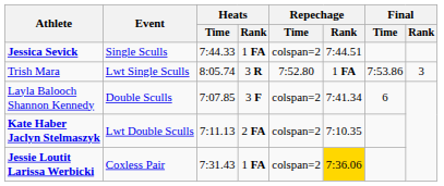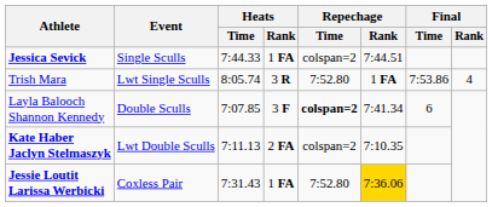 <table class="wikitable" style="font-size:90%">
 <tr>
 <th rowspan=2>Athlete</th>
 <th rowspan=2>Event</th>
 <th colspan="2">Heats</th>
 <th colspan="2">Repechage</th>
 <th colspan="2">Final</th>
 </tr>
 <tr style="font-size:95%">
 <th>Time</th>
 <th>Rank</th>
 <th>Time</th>
 <th>Rank</th>
 <th>Time</th>
 <th>Rank</th>
 </tr>
 <tr align=center>
 <td align=left><strong><a href='#'>Jessica Sevick</a></strong></td>
 <td align=left><a href='#'>Single Sculls</a></td>
 <td>7:44.33</td>
 <td>1 <strong>FA</strong></td>
 <td>colspan=2 </td>
 <td>7:44.51</td>
 <td></td>
 </tr>
 <tr align=center>
 <td align=left><a href='#'>Trish Mara</a></td>
 <td align=left><a href='#'>Lwt Single Sculls</a></td>
 <td>8:05.74</td>
 <td>3 <strong>R</strong></td>
 <td>7:52.80</td>
 <td>1 <strong>FA</strong></td>
 <td>7:53.86</td>
-<td>3</td>
+<td>4</td>
 </tr>
 <tr align=center>
 <td align=left><a href='#'>Layla Balooch</a><br><a href='#'>Shannon Kennedy</a></td>
 <td align=left><a href='#'>Double Sculls</a></td>
 <td>7:07.85</td>
 <td>3 <strong>F</strong></td>
-<td>colspan=2 </td>
+<td><strong>colspan=2 </strong></td>
 <td>7:41.34</td>
 <td>6</td>
 </tr>
 <tr align=center>
 <td align=left><strong><a href='#'>Kate Haber</a><br><a href='#'>Jaclyn Stelmaszyk</a></strong></td>
 <td align=left><a href='#'>Lwt Double Sculls</a></td>
 <td>7:11.13</td>
 <td>2 <strong>FA</strong></td>
 <td>colspan=2 </td>
 <td>7:10.35</td>
 <td></td>
 </tr>
 <tr align=center>
 <td align=left><strong><a href='#'>Jessie Loutit</a><br><a href='#'>Larissa Werbicki</a></strong></td>
 <td align=left><a href='#'>Coxless Pair</a></td>
 <td>7:31.43</td>
 <td>1 <strong>FA</strong></td>
-<td>colspan=2 </td>
+<td>7:52.80</td>
 <td style="background: gold;">7:36.06</td>
 <td></td>
 </tr>
 </table>
